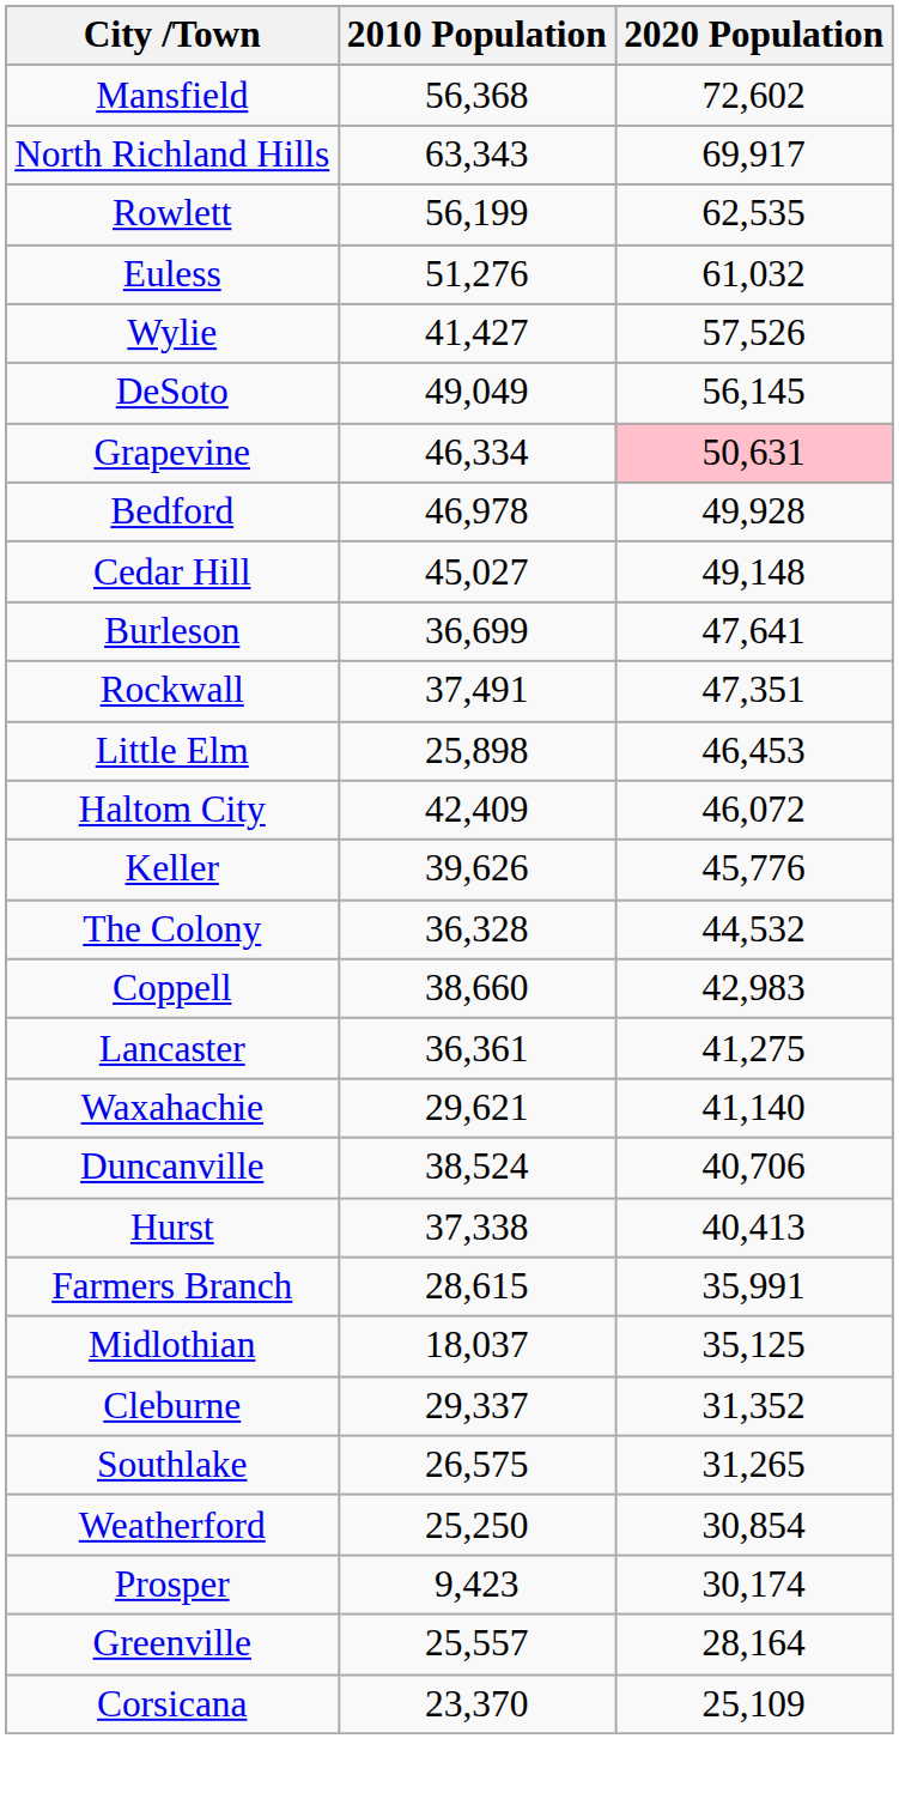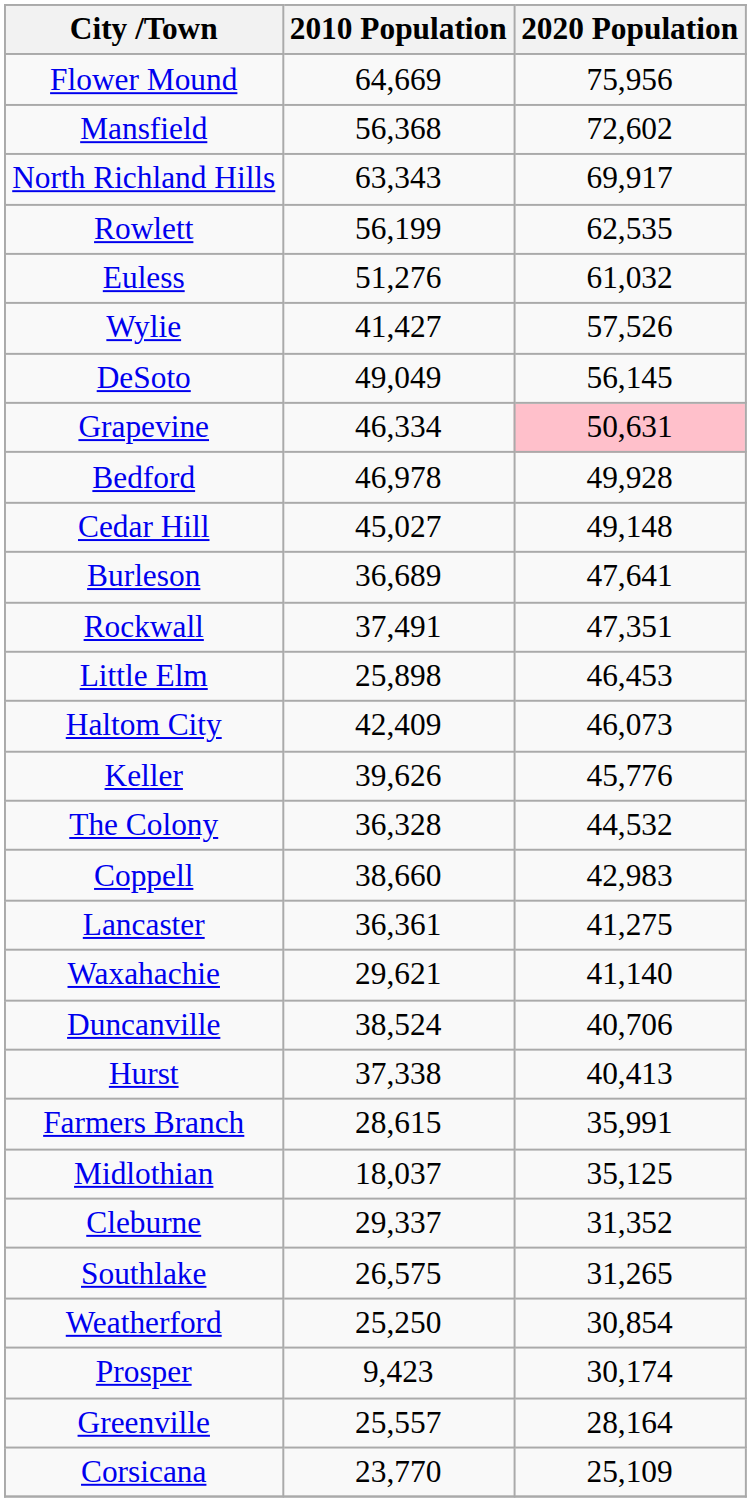 <table class="wikitable" border="1" style="text-align:center">
 <tr>
 <th>City /Town</th>
 <th>2010 Population </th>
 <th>2020 Population</th>
+</tr>
+<tr>
+<td><a href='#'>Flower Mound</a></td>
+<td>64,669</td>
+<td>75,956</td>
 </tr>
 <tr>
 <td><a href='#'>Mansfield</a></td>
 <td>56,368</td>
 <td>72,602</td>
 </tr>
 <tr>
 <td><a href='#'>North Richland Hills</a></td>
 <td>63,343</td>
 <td>69,917</td>
 </tr>
 <tr>
 <td><a href='#'>Rowlett</a></td>
 <td>56,199</td>
 <td>62,535</td>
 </tr>
 <tr>
 <td><a href='#'>Euless</a></td>
 <td>51,276</td>
 <td>61,032</td>
 </tr>
 <tr>
 <td><a href='#'>Wylie</a></td>
 <td>41,427</td>
 <td>57,526</td>
 </tr>
 <tr>
 <td><a href='#'>DeSoto</a></td>
 <td>49,049</td>
 <td>56,145</td>
 </tr>
 <tr>
 <td><a href='#'>Grapevine</a></td>
 <td>46,334</td>
 <td style="background: pink;">50,631</td>
 </tr>
 <tr>
 <td><a href='#'>Bedford</a></td>
 <td>46,978</td>
 <td>49,928</td>
 </tr>
 <tr>
 <td><a href='#'>Cedar Hill</a></td>
 <td>45,027</td>
 <td>49,148</td>
 </tr>
 <tr>
 <td><a href='#'>Burleson</a></td>
-<td>36,699</td>
+<td>36,689</td>
 <td>47,641</td>
 </tr>
 <tr>
 <td><a href='#'>Rockwall</a></td>
 <td>37,491</td>
 <td>47,351</td>
 </tr>
 <tr>
 <td><a href='#'>Little Elm</a></td>
 <td>25,898</td>
 <td>46,453</td>
 </tr>
 <tr>
 <td><a href='#'>Haltom City</a></td>
 <td>42,409</td>
-<td>46,072</td>
+<td>46,073</td>
 </tr>
 <tr>
 <td><a href='#'>Keller</a></td>
 <td>39,626</td>
 <td>45,776</td>
 </tr>
 <tr>
 <td><a href='#'>The Colony</a></td>
 <td>36,328</td>
 <td>44,532</td>
 </tr>
 <tr>
 <td><a href='#'>Coppell</a></td>
 <td>38,660</td>
 <td>42,983</td>
 </tr>
 <tr>
 <td><a href='#'>Lancaster</a></td>
 <td>36,361</td>
 <td>41,275</td>
 </tr>
 <tr>
 <td><a href='#'>Waxahachie</a></td>
 <td>29,621</td>
 <td>41,140</td>
 </tr>
 <tr>
 <td><a href='#'>Duncanville</a></td>
 <td>38,524</td>
 <td>40,706</td>
 </tr>
 <tr>
 <td><a href='#'>Hurst</a></td>
 <td>37,338</td>
 <td>40,413</td>
 </tr>
 <tr>
 <td><a href='#'>Farmers Branch</a></td>
 <td>28,615</td>
 <td>35,991</td>
 </tr>
 <tr>
 <td><a href='#'>Midlothian</a></td>
 <td>18,037</td>
 <td>35,125</td>
 </tr>
 <tr>
 <td><a href='#'>Cleburne</a></td>
 <td>29,337</td>
 <td>31,352</td>
 </tr>
 <tr>
 <td><a href='#'>Southlake</a></td>
 <td>26,575</td>
 <td>31,265</td>
 </tr>
 <tr>
 <td><a href='#'>Weatherford</a></td>
 <td>25,250</td>
 <td>30,854</td>
 </tr>
 <tr>
 <td><a href='#'>Prosper</a></td>
 <td>9,423</td>
 <td>30,174</td>
 </tr>
 <tr>
 <td><a href='#'>Greenville</a></td>
 <td>25,557</td>
 <td>28,164</td>
 </tr>
 <tr>
 <td><a href='#'>Corsicana</a></td>
-<td>23,370</td>
+<td>23,770</td>
 <td>25,109</td>
 </tr>
 <tr>
 </tr>
 </table>
